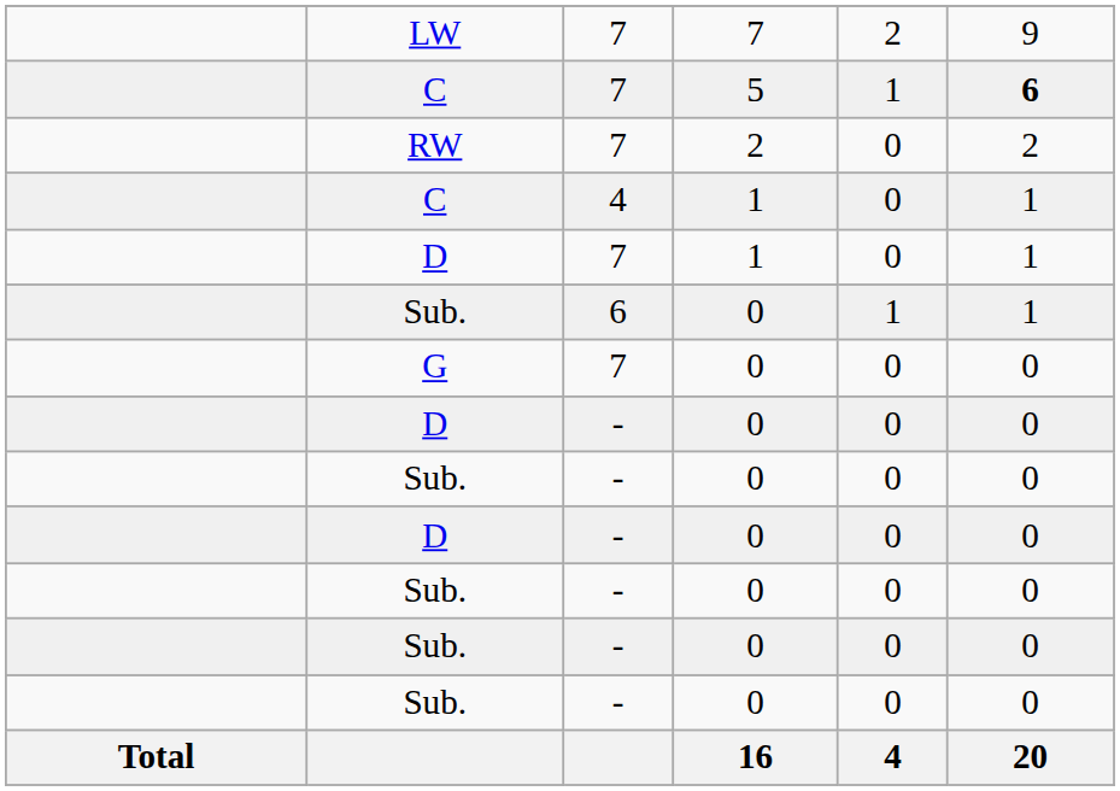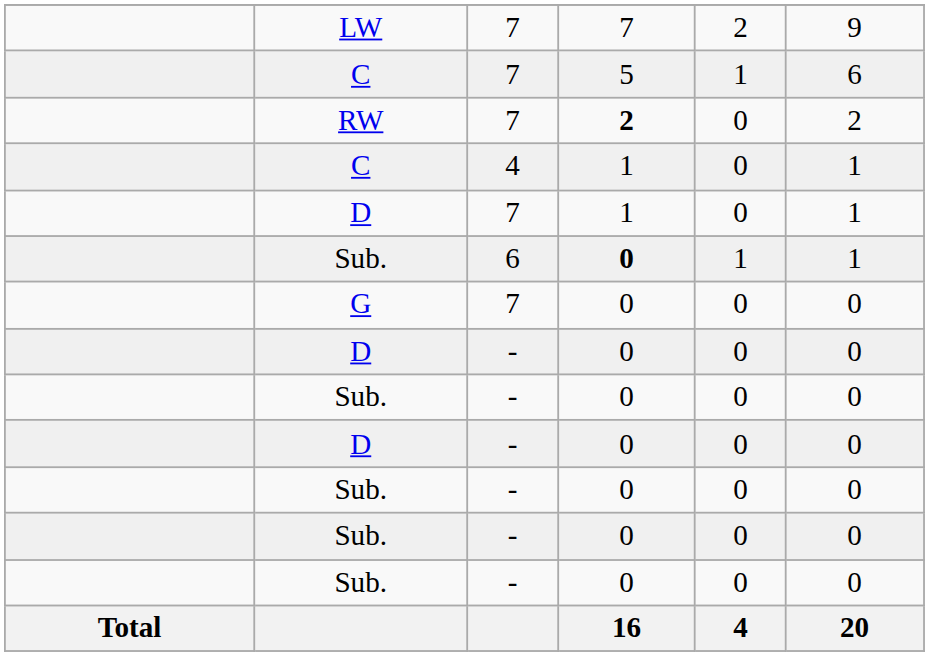 <table class="wikitable sortable" width ="40%">
 <tr align="center">
 </tr>
 <tr align="center" bgcolor="">
 <td></td>
 <td><a href='#'>LW</a></td>
 <td>7</td>
 <td>7</td>
 <td>2</td>
 <td>9</td>
 </tr>
 <tr align="center" bgcolor="f0f0f0">
 <td></td>
 <td><a href='#'>C</a></td>
 <td>7</td>
 <td>5</td>
 <td>1</td>
-<td><strong>6</strong></td>
+<td>6</td>
 </tr>
 <tr align="center" bgcolor="">
 <td></td>
 <td><a href='#'>RW</a></td>
 <td>7</td>
-<td>2</td>
+<td><strong>2</strong></td>
 <td>0</td>
 <td>2</td>
 </tr>
 <tr align="center" bgcolor="f0f0f0">
 <td></td>
 <td><a href='#'>C</a></td>
 <td>4</td>
 <td>1</td>
 <td>0</td>
 <td>1</td>
 </tr>
 <tr align="center" bgcolor="">
 <td></td>
 <td><a href='#'>D</a></td>
 <td>7</td>
 <td>1</td>
 <td>0</td>
 <td>1</td>
 </tr>
 <tr align="center" bgcolor="f0f0f0">
 <td></td>
 <td>Sub.</td>
 <td>6</td>
-<td>0</td>
+<td><strong>0</strong></td>
 <td>1</td>
 <td>1</td>
 </tr>
 <tr align="center" bgcolor="">
 <td></td>
 <td><a href='#'>G</a></td>
 <td>7</td>
 <td>0</td>
 <td>0</td>
 <td>0</td>
 </tr>
 <tr align="center" bgcolor="f0f0f0">
 <td></td>
 <td><a href='#'>D</a></td>
 <td>-</td>
 <td>0</td>
 <td>0</td>
 <td>0</td>
 </tr>
 <tr align="center" bgcolor="">
 <td></td>
 <td>Sub.</td>
 <td>-</td>
 <td>0</td>
 <td>0</td>
 <td>0</td>
 </tr>
 <tr align="center" bgcolor="f0f0f0">
 <td></td>
 <td><a href='#'>D</a></td>
 <td>-</td>
 <td>0</td>
 <td>0</td>
 <td>0</td>
 </tr>
 <tr align="center" bgcolor="">
 <td></td>
 <td>Sub.</td>
 <td>-</td>
 <td>0</td>
 <td>0</td>
 <td>0</td>
 </tr>
 <tr align="center" bgcolor="f0f0f0">
 <td></td>
 <td>Sub.</td>
 <td>-</td>
 <td>0</td>
 <td>0</td>
 <td>0</td>
 </tr>
 <tr align="center" bgcolor="">
 <td></td>
 <td>Sub.</td>
 <td>-</td>
 <td>0</td>
 <td>0</td>
 <td>0</td>
 </tr>
 <tr>
 <th>Total</th>
 <th></th>
 <th></th>
 <th>16</th>
 <th>4</th>
 <th>20</th>
 </tr>
 </table>
